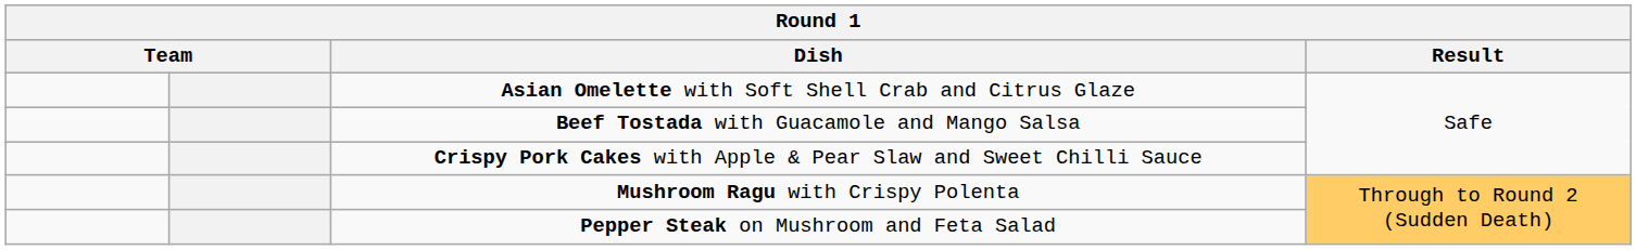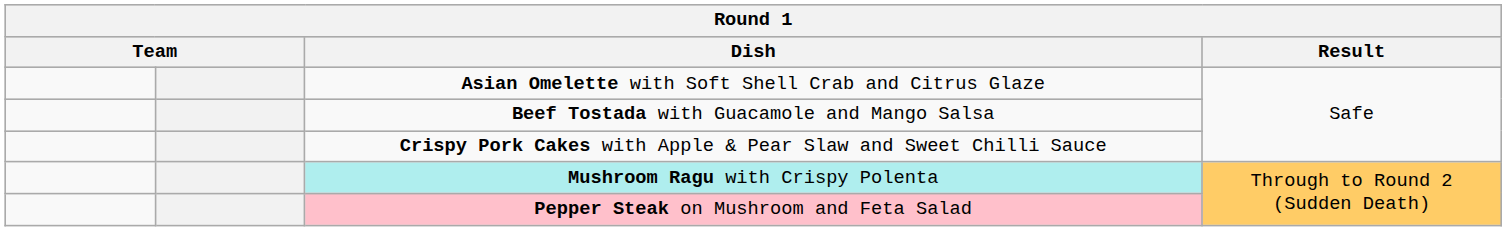 <table class="wikitable plainrowheaders" style="margin: 1em auto; text-align:center; font-size:90%; width:80em;">
 <tr>
 <th colspan="4" >Round 1</th>
 </tr>
 <tr>
 <th style="width:20%;" colspan="2">Team</th>
 <th style="width:60%;">Dish</th>
 <th style="width:20%;">Result</th>
 </tr>
 <tr>
 <td></td>
 <th style="text-align:centre"></th>
 <td><strong>Asian Omelette</strong> with Soft Shell Crab and Citrus Glaze</td>
 <td rowspan="3">Safe</td>
 </tr>
 <tr>
 <td></td>
 <th style="text-align:centre"></th>
 <td><strong>Beef Tostada</strong> with Guacamole and Mango Salsa</td>
 </tr>
 <tr>
 <td></td>
 <th style="text-align:centre"></th>
 <td><strong>Crispy Pork Cakes</strong>  with Apple & Pear Slaw and Sweet Chilli Sauce</td>
 </tr>
 <tr>
 <td></td>
 <th style="text-align:centre"></th>
-<td><strong> Mushroom Ragu</strong> with Crispy Polenta</td>
+<td style="background: paleturquoise;"><strong> Mushroom Ragu</strong> with Crispy Polenta</td>
 <td rowspan="2" bgcolor="FFCC66">Through to Round 2 (Sudden Death)</td>
 </tr>
 <tr>
 <td></td>
 <th style="text-align:centre"></th>
-<td><strong>Pepper Steak</strong> on Mushroom and Feta Salad</td>
+<td style="background: pink;"><strong>Pepper Steak</strong> on Mushroom and Feta Salad</td>
 </tr>
 </table>
